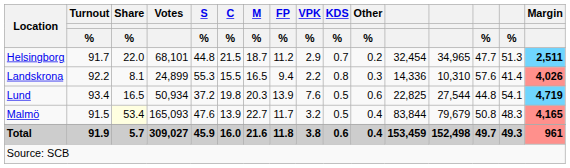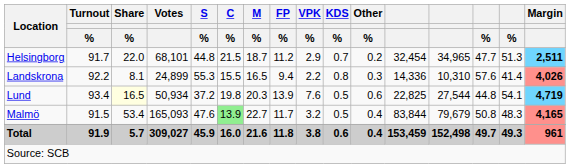 <table class="wikitable sortable" style="text-align:right; font-size:95%; line-height:20px;">
 <tr>
 <th rowspan="3">Location</th>
 <th>Turnout</th>
 <th>Share</th>
 <th>Votes</th>
 <th width="30px" class="unsortable"><a href='#'>S</a></th>
 <th width="30px" class="unsortable"><a href='#'>C</a></th>
 <th width="30px" class="unsortable"><a href='#'>M</a></th>
 <th width="30px" class="unsortable"><a href='#'>FP</a></th>
 <th width="30px" class="unsortable"><a href='#'>VPK</a></th>
 <th width="30px" class="unsortable"><a href='#'>KDS</a></th>
 <th width="30px" class="unsortable">Other</th>
 <th></th>
 <th></th>
 <th></th>
 <th></th>
 <th>Margin</th>
 </tr>
 <tr>
 <th></th>
 <th></th>
 <th></th>
 <th style="background:"></th>
 <th style="background:"></th>
 <th style="background:"></th>
 <th style="background:"></th>
 <th style="background:"></th>
 <th style="background:"></th>
 <th style="background:"></th>
 <th style="background:"></th>
 <th style="background:"></th>
 <th style="background:"></th>
 <th style="background:"></th>
 <th></th>
 </tr>
 <tr>
 <th data-sort-type="number">%</th>
 <th data-sort-type="number">%</th>
 <th></th>
 <th data-sort-type="number">%</th>
 <th data-sort-type="number">%</th>
 <th data-sort-type="number">%</th>
 <th data-sort-type="number">%</th>
 <th data-sort-type="number">%</th>
 <th data-sort-type="number">%</th>
 <th data-sort-type="number">%</th>
 <th data-sort-type="number"></th>
 <th data-sort-type="number"></th>
 <th data-sort-type="number">%</th>
 <th data-sort-type="number">%</th>
 <th data-sort-type="number"></th>
 </tr>
 <tr>
 <td align=left><a href='#'>Helsingborg</a></td>
 <td>91.7</td>
 <td>22.0</td>
 <td>68,101</td>
 <td>44.8</td>
 <td>21.5</td>
 <td>18.7</td>
 <td>11.2</td>
 <td>2.9</td>
 <td>0.7</td>
 <td>0.2</td>
 <td>32,454</td>
 <td>34,965</td>
 <td>47.7</td>
 <td>51.3</td>
 <td bgcolor=#6fd5fe><strong>2,511</strong></td>
 </tr>
 <tr>
 <td align=left><a href='#'>Landskrona</a></td>
 <td>92.2</td>
 <td>8.1</td>
 <td>24,899</td>
 <td>55.3</td>
 <td>15.5</td>
 <td>16.5</td>
 <td>9.4</td>
 <td>2.2</td>
 <td>0.8</td>
 <td>0.3</td>
 <td>14,336</td>
 <td>10,310</td>
 <td>57.6</td>
 <td>41.4</td>
 <td bgcolor=#ff908c><strong>4,026</strong></td>
 </tr>
 <tr>
 <td align=left><a href='#'>Lund</a></td>
 <td>93.4</td>
-<td>16.5</td>
+<td style="background: lightyellow;">16.5</td>
 <td>50,934</td>
 <td>37.2</td>
 <td>19.8</td>
 <td>20.3</td>
 <td>13.9</td>
 <td>7.6</td>
 <td>0.5</td>
 <td>0.6</td>
 <td>22,825</td>
 <td>27,544</td>
 <td>44.8</td>
 <td>54.1</td>
 <td bgcolor=#6fd5fe><strong>4,719</strong></td>
 </tr>
 <tr>
 <td align=left><a href='#'>Malmö</a></td>
 <td>91.5</td>
-<td style="background: lightyellow;">53.4</td>
+<td>53.4</td>
 <td>165,093</td>
 <td>47.6</td>
-<td>13.9</td>
+<td style="background: lightgreen;">13.9</td>
 <td>22.7</td>
 <td>11.7</td>
 <td>3.2</td>
 <td>0.5</td>
 <td>0.4</td>
 <td>83,844</td>
 <td>79,679</td>
 <td>50.8</td>
 <td>48.3</td>
 <td bgcolor=#ff908c><strong>4,165</strong></td>
 </tr>
 <tr>
 </tr>
 <tr style="background:#CDCDCD;">
 <td align=left><strong>Total</strong></td>
 <td><strong>91.9</strong></td>
 <td><strong>5.7</strong></td>
 <td><strong>309,027</strong></td>
 <td><strong>45.9</strong></td>
 <td><strong>16.0</strong></td>
 <td><strong>21.6</strong></td>
 <td><strong>11.8</strong></td>
 <td><strong>3.8</strong></td>
 <td><strong>0.6</strong></td>
 <td><strong>0.4</strong></td>
 <td><strong>153,459</strong></td>
 <td><strong>152,498</strong></td>
 <td><strong>49.7</strong></td>
 <td><strong>49.3</strong></td>
 <td bgcolor=#ff908c><strong>961</strong></td>
 </tr>
 <tr>
 <td align=left colspan=16>Source: SCB </td>
 </tr>
 </table>
